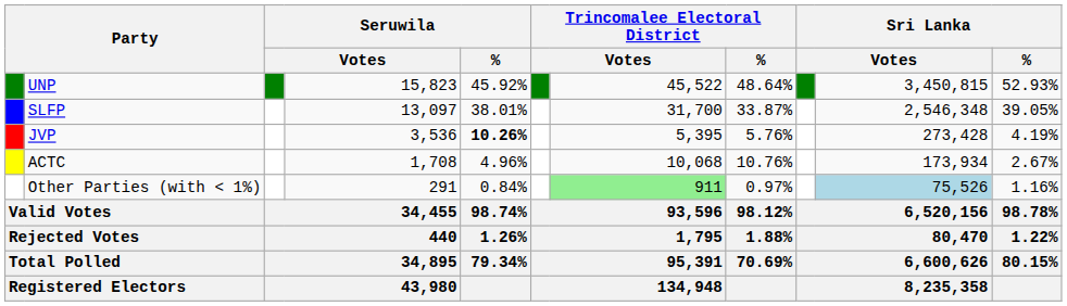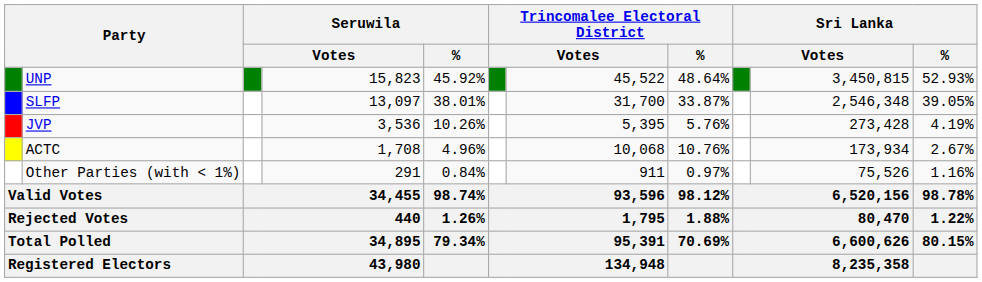 <table class="wikitable">
 <tr>
 <th colspan="2" width="144px"rowspan="2">Party</th>
 <th colspan="3" width="216px">Seruwila</th>
 <th colspan="3" width="216px"><a href='#'>Trincomalee Electoral District</a></th>
 <th colspan="3" width="216px">Sri Lanka</th>
 </tr>
 <tr>
 <th colspan="2" width="144px">Votes</th>
 <th>%</th>
 <th colspan="2" width="144px">Votes</th>
 <th>%</th>
 <th colspan="2" width="144px">Votes</th>
 <th>%</th>
 </tr>
 <tr>
 <td style="background-color:green;" width="10px"></td>
 <td style="text-align:left;"><a href='#'>UNP</a></td>
 <td style="background-color:green;" width="10px"></td>
 <td style="text-align:right;">15,823</td>
 <td style="text-align:right;">45.92%</td>
 <td style="background-color:green;" width="10px"></td>
 <td style="text-align:right;">45,522</td>
 <td style="text-align:right;">48.64%</td>
 <td style="background-color:green;" width="10px"></td>
 <td style="text-align:right;">3,450,815</td>
 <td style="text-align:right;">52.93%</td>
 </tr>
 <tr>
 <td style="background-color:blue;" width="10px"></td>
 <td style="text-align:left;"><a href='#'>SLFP</a></td>
 <td style="background-color:white;" width="10px"></td>
 <td style="text-align:right;">13,097</td>
 <td style="text-align:right;">38.01%</td>
 <td style="background-color:white;" width="10px"></td>
 <td style="text-align:right;">31,700</td>
 <td style="text-align:right;">33.87%</td>
 <td style="background-color:white;" width="10px"></td>
 <td style="text-align:right;">2,546,348</td>
 <td style="text-align:right;">39.05%</td>
 </tr>
 <tr>
 <td style="background-color:red;" width="10px"></td>
 <td style="text-align:left;"><a href='#'>JVP</a></td>
 <td style="background-color:white;" width="10px"></td>
 <td style="text-align:right;">3,536</td>
-<td style="text-align:right;"><strong>10.26%</strong></td>
+<td style="text-align:right;">10.26%</td>
 <td style="background-color:white;" width="10px"></td>
 <td style="text-align:right;">5,395</td>
 <td style="text-align:right;">5.76%</td>
 <td style="background-color:white;" width="10px"></td>
 <td style="text-align:right;">273,428</td>
 <td style="text-align:right;">4.19%</td>
 </tr>
 <tr>
 <td style="background-color:yellow;" width="10px"></td>
 <td style="text-align:left;">ACTC</td>
 <td style="background-color:white;" width="10px"></td>
 <td style="text-align:right;">1,708</td>
 <td style="text-align:right;">4.96%</td>
 <td style="background-color:white;" width="10px"></td>
 <td style="text-align:right;">10,068</td>
 <td style="text-align:right;">10.76%</td>
 <td style="background-color:white;" width="10px"></td>
 <td style="text-align:right;">173,934</td>
 <td style="text-align:right;">2.67%</td>
 </tr>
 <tr>
 <td style="background-color:white;" width="10px"></td>
 <td style="text-align:left;">Other Parties (with < 1%)</td>
 <td style="background-color:white;" width="10px"></td>
 <td style="text-align:right;">291</td>
 <td style="text-align:right;">0.84%</td>
 <td style="background-color:white;" width="10px"></td>
-<td style="background: lightgreen; text-align:right;">911</td>
+<td style="text-align:right;">911</td>
 <td style="text-align:right;">0.97%</td>
 <td style="background-color:white;" width="10px"></td>
-<td style="background: lightblue; text-align:right;">75,526</td>
+<td style="text-align:right;">75,526</td>
 <td style="text-align:right;">1.16%</td>
 </tr>
 <tr>
 <th colspan="2" width="144px"style="text-align:left;">Valid Votes</th>
 <th style="text-align:right;"colspan="2" width="144px">34,455</th>
 <th style="text-align:right;">98.74%</th>
 <th style="text-align:right;"colspan="2" width="144px">93,596</th>
 <th style="text-align:right;">98.12%</th>
 <th style="text-align:right;"colspan="2" width="144px">6,520,156</th>
 <th style="text-align:right;">98.78%</th>
 </tr>
 <tr>
 <th colspan="2" width="144px"style="text-align:left;">Rejected Votes</th>
 <th style="text-align:right;"colspan="2" width="144px">440</th>
 <th style="text-align:right;">1.26%</th>
 <th style="text-align:right;"colspan="2" width="144px">1,795</th>
 <th style="text-align:right;">1.88%</th>
 <th style="text-align:right;"colspan="2" width="144px">80,470</th>
 <th style="text-align:right;">1.22%</th>
 </tr>
 <tr>
 <th colspan="2" width="144px"style="text-align:left;">Total Polled</th>
 <th style="text-align:right;"colspan="2" width="144px">34,895</th>
 <th style="text-align:right;">79.34%</th>
 <th style="text-align:right;"colspan="2" width="144px">95,391</th>
 <th style="text-align:right;">70.69%</th>
 <th style="text-align:right;"colspan="2" width="144px">6,600,626</th>
 <th style="text-align:right;">80.15%</th>
 </tr>
 <tr>
 <th colspan="2" width="144px"style="text-align:left;">Registered Electors</th>
 <th style="text-align:right;"colspan="2" width="144px">43,980</th>
 <th></th>
 <th style="text-align:right;"colspan="2" width="144px">134,948</th>
 <th></th>
 <th style="text-align:right;"colspan="2" width="144px">8,235,358</th>
 <th></th>
 </tr>
 </table>
